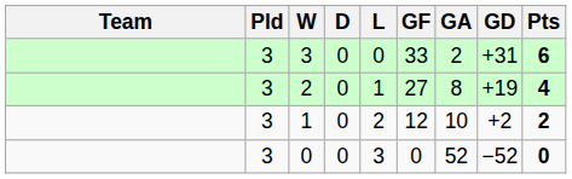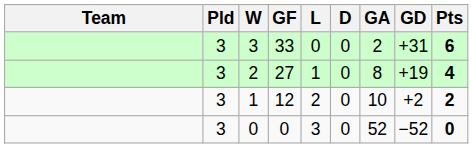 <table class="wikitable" style="text-align:center">
 <tr>
 <th width="175">Team</th>
 <th width="20">Pld</th>
 <th width="20">W</th>
+<th width="20">GF</th>
+<th width="20">L</th>
 <th width="20">D</th>
-<th width="20">L</th>
-<th width="20">GF</th>
 <th width="20">GA</th>
 <th width="20">GD</th>
 <th width="20">Pts</th>
 </tr>
 <tr bgcolor="ccffcc">
 <td align="left"></td>
 <td>3</td>
 <td>3</td>
+<td>33</td>
 <td>0</td>
 <td>0</td>
-<td>33</td>
 <td>2</td>
 <td>+31</td>
 <td><strong>6</strong></td>
 </tr>
 <tr bgcolor="ccffcc">
 <td align="left"></td>
 <td>3</td>
 <td>2</td>
+<td>27</td>
+<td>1</td>
 <td>0</td>
-<td>1</td>
-<td>27</td>
 <td>8</td>
 <td>+19</td>
 <td><strong>4</strong></td>
 </tr>
 <tr>
 <td align="left"></td>
 <td>3</td>
 <td>1</td>
+<td>12</td>
+<td>2</td>
 <td>0</td>
-<td>2</td>
-<td>12</td>
 <td>10</td>
 <td>+2</td>
 <td><strong>2</strong></td>
 </tr>
 <tr>
 <td align="left"></td>
 <td>3</td>
 <td>0</td>
 <td>0</td>
 <td>3</td>
 <td>0</td>
 <td>52</td>
 <td>−52</td>
 <td><strong>0</strong></td>
 </tr>
 </table>
